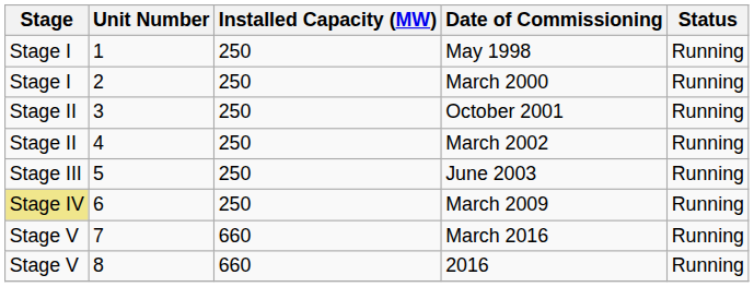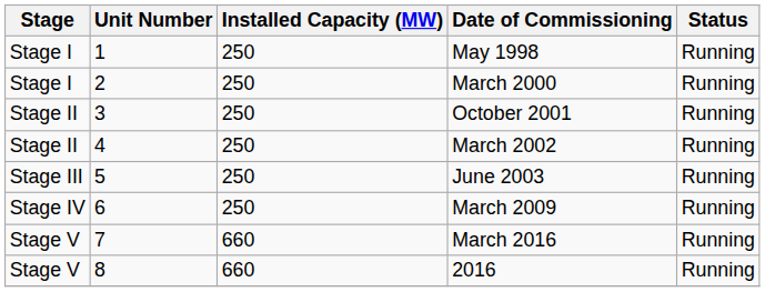 <table class="sortable wikitable">
 <tr>
 <th>Stage</th>
 <th>Unit Number</th>
 <th>Installed Capacity (<a href='#'>MW</a>)</th>
 <th>Date of Commissioning</th>
 <th>Status</th>
 </tr>
 <tr>
 <td>Stage I</td>
 <td>1</td>
 <td>250</td>
 <td>May 1998</td>
 <td>Running</td>
 </tr>
 <tr>
 <td>Stage I</td>
 <td>2</td>
 <td>250</td>
 <td>March 2000</td>
 <td>Running</td>
 </tr>
 <tr>
 <td>Stage II</td>
 <td>3</td>
 <td>250</td>
 <td>October 2001</td>
 <td>Running</td>
 </tr>
 <tr>
 <td>Stage II</td>
 <td>4</td>
 <td>250</td>
 <td>March 2002</td>
 <td>Running</td>
 </tr>
 <tr>
 <td>Stage III</td>
 <td>5</td>
 <td>250</td>
 <td>June 2003</td>
 <td>Running</td>
 </tr>
 <tr>
-<td style="background: khaki;">Stage IV</td>
+<td>Stage IV</td>
 <td>6</td>
 <td>250</td>
 <td>March 2009</td>
 <td>Running</td>
 </tr>
 <tr>
 <td>Stage V</td>
 <td>7</td>
 <td>660</td>
 <td>March 2016</td>
 <td>Running</td>
 </tr>
 <tr>
 <td>Stage V</td>
 <td>8</td>
 <td>660</td>
 <td>2016</td>
 <td>Running</td>
 </tr>
 <tr>
 </tr>
 </table>
